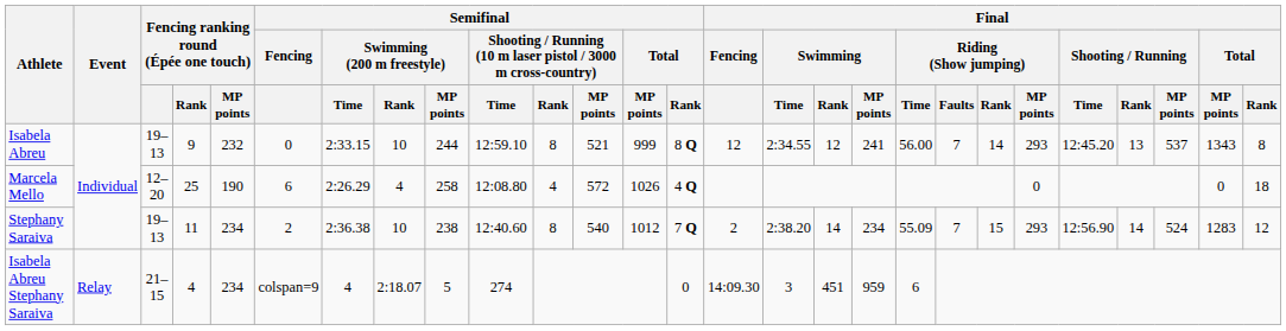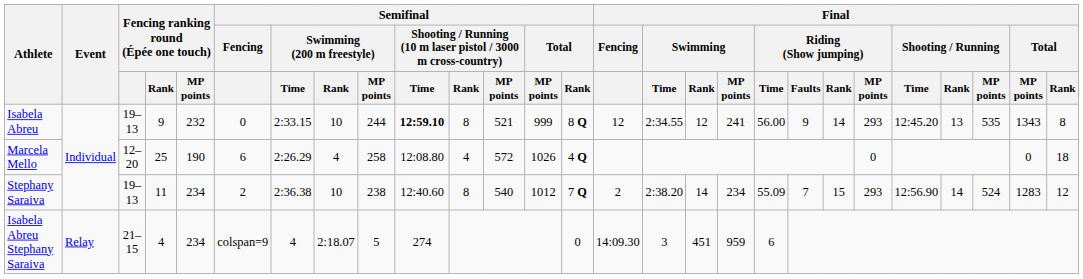 <table class=wikitable style=font-size:90%;text-align:center>
 <tr>
 <th rowspan=3>Athlete</th>
 <th rowspan=3>Event</th>
 <th colspan=3 rowspan=2>Fencing ranking round<br><span>(Épée one touch)</span></th>
 <th colspan=9>Semifinal</th>
 <th colspan=13>Final</th>
 </tr>
 <tr style=font-size:95%>
 <th>Fencing</th>
 <th colspan=3>Swimming<br><span>(200 m freestyle)</span></th>
 <th colspan=3>Shooting / Running<br><span>(10 m laser pistol / 3000 m cross-country)</span></th>
 <th colspan=2>Total</th>
 <th>Fencing</th>
 <th colspan=3>Swimming</th>
 <th colspan=4>Riding<br><span>(Show jumping)</span></th>
 <th colspan=3>Shooting / Running</th>
 <th colspan=2>Total</th>
 </tr>
 <tr style=font-size:90%>
 <th></th>
 <th>Rank</th>
 <th>MP points</th>
 <th></th>
 <th>Time</th>
 <th>Rank</th>
 <th>MP points</th>
 <th>Time</th>
 <th>Rank</th>
 <th>MP points</th>
 <th>MP points</th>
 <th>Rank</th>
 <th></th>
 <th>Time</th>
 <th>Rank</th>
 <th>MP points</th>
 <th>Time</th>
 <th>Faults</th>
 <th>Rank</th>
 <th>MP points</th>
 <th>Time</th>
 <th>Rank</th>
 <th>MP points</th>
 <th>MP points</th>
 <th>Rank</th>
 </tr>
 <tr>
 <td align=left><a href='#'>Isabela Abreu</a></td>
 <td align=left rowspan=3><a href='#'>Individual</a></td>
 <td>19–13</td>
 <td>9</td>
 <td>232</td>
 <td>0</td>
 <td>2:33.15</td>
 <td>10</td>
 <td>244</td>
-<td>12:59.10</td>
+<td><strong>12:59.10</strong></td>
 <td>8</td>
 <td>521</td>
 <td>999</td>
 <td>8 <strong>Q</strong></td>
 <td>12</td>
 <td>2:34.55</td>
 <td>12</td>
 <td>241</td>
 <td>56.00</td>
-<td>7</td>
+<td>9</td>
 <td>14</td>
 <td>293</td>
 <td>12:45.20</td>
 <td>13</td>
-<td>537</td>
+<td>535</td>
 <td>1343</td>
 <td>8</td>
 </tr>
 <tr>
 <td align=left><a href='#'>Marcela Mello</a></td>
 <td>12–20</td>
 <td>25</td>
 <td>190</td>
 <td>6</td>
 <td>2:26.29</td>
 <td>4</td>
 <td>258</td>
 <td>12:08.80</td>
 <td>4</td>
 <td>572</td>
 <td>1026</td>
 <td>4 <strong>Q</strong></td>
 <td></td>
 <td colspan=3></td>
 <td colspan=3></td>
 <td>0</td>
 <td colspan=3></td>
 <td>0</td>
 <td>18</td>
 </tr>
 <tr>
 <td align=left><a href='#'>Stephany Saraiva</a></td>
 <td>19–13</td>
 <td>11</td>
 <td>234</td>
 <td>2</td>
 <td>2:36.38</td>
 <td>10</td>
 <td>238</td>
 <td>12:40.60</td>
 <td>8</td>
 <td>540</td>
 <td>1012</td>
 <td>7 <strong>Q</strong></td>
 <td>2</td>
 <td>2:38.20</td>
 <td>14</td>
 <td>234</td>
 <td>55.09</td>
 <td>7</td>
 <td>15</td>
 <td>293</td>
 <td>12:56.90</td>
 <td>14</td>
 <td>524</td>
 <td>1283</td>
 <td>12</td>
 </tr>
 <tr>
 <td align=left><a href='#'>Isabela Abreu</a><br><a href='#'>Stephany Saraiva</a></td>
 <td align=left><a href='#'>Relay</a></td>
 <td>21–15</td>
 <td>4</td>
 <td>234</td>
 <td>colspan=9 </td>
 <td>4</td>
 <td>2:18.07</td>
 <td>5</td>
 <td>274</td>
 <td colspan=3></td>
 <td>0</td>
 <td>14:09.30</td>
 <td>3</td>
 <td>451</td>
 <td>959</td>
 <td>6</td>
 </tr>
 </table>
